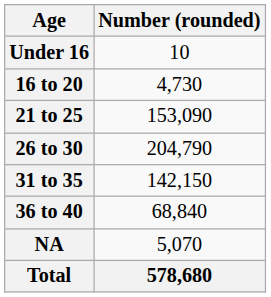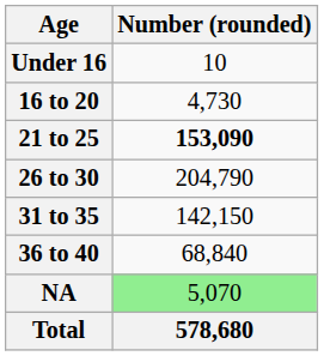 <table class="wikitable sortable">
 <tr>
 <th>Age</th>
 <th>Number (rounded)</th>
 </tr>
 <tr>
 <th align="center">Under 16</th>
 <td align="center">10</td>
 </tr>
 <tr>
 <th align="center">16 to 20</th>
 <td align="center">4,730</td>
 </tr>
 <tr>
 <th align="center">21 to 25</th>
-<td align="center">153,090</td>
+<td align="center"><strong>153,090</strong></td>
 </tr>
 <tr>
 <th align="center">26 to 30</th>
 <td align="center">204,790</td>
 </tr>
 <tr>
 <th align="center">31 to 35</th>
 <td align="center">142,150</td>
 </tr>
 <tr>
 <th align="center">36 to 40</th>
 <td align="center">68,840</td>
 </tr>
 <tr>
 <th align="center">NA</th>
-<td align="center">5,070</td>
+<td align="center" style="background: lightgreen;">5,070</td>
 </tr>
 <tr>
 <th align="center">Total</th>
 <th align="center">578,680</th>
 </tr>
 </table>
